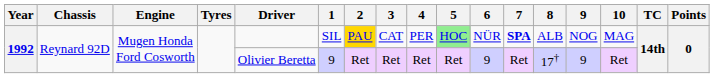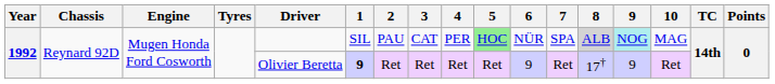 <table class="wikitable" style="text-align:center; font-size:85%">
 <tr>
 <th>Year</th>
 <th>Chassis</th>
 <th>Engine</th>
 <th>Tyres</th>
 <th>Driver</th>
 <th>1</th>
 <th>2</th>
 <th>3</th>
 <th>4</th>
 <th>5</th>
 <th>6</th>
 <th>7</th>
 <th>8</th>
 <th>9</th>
 <th>10</th>
 <th>TC</th>
 <th>Points</th>
 </tr>
 <tr>
 <th rowspan="2"><a href='#'>1992</a></th>
 <td rowspan="2"><a href='#'>Reynard 92D</a></td>
 <td rowspan="2"><a href='#'>Mugen Honda</a><br><a href='#'>Ford Cosworth</a></td>
 <td rowspan="2"></td>
 <td></td>
 <td><a href='#'>SIL</a></td>
-<td style="background: gold;"><a href='#'>PAU</a></td>
+<td><a href='#'>PAU</a></td>
 <td><a href='#'>CAT</a></td>
 <td><a href='#'>PER</a></td>
 <td style="background: lightgreen;"><a href='#'>HOC</a></td>
 <td><a href='#'>NÜR</a></td>
-<td><strong><a href='#'>SPA</a></strong></td>
-<td><a href='#'>ALB</a></td>
-<td><a href='#'>NOG</a></td>
+<td><a href='#'>SPA</a></td>
+<td style="background: lightgrey;"><a href='#'>ALB</a></td>
+<td style="background: paleturquoise;"><a href='#'>NOG</a></td>
 <td><a href='#'>MAG</a></td>
 <th rowspan="2">14th</th>
 <th rowspan="2">0</th>
 </tr>
 <tr>
 <td align="left"> <a href='#'>Olivier Beretta</a></td>
-<td style="background:#CFCFFF;">9</td>
+<td style="background:#CFCFFF;"><strong>9</strong></td>
 <td style="background:#EFCFFF;">Ret</td>
 <td style="background:#EFCFFF;">Ret</td>
 <td style="background:#EFCFFF;">Ret</td>
 <td style="background:#EFCFFF;">Ret</td>
 <td style="background:#CFCFFF;">9</td>
 <td style="background:#EFCFFF;">Ret</td>
 <td style="background:#CFCFFF;">17<sup>†</sup></td>
 <td style="background:#CFCFFF;">9</td>
 <td style="background:#EFCFFF;">Ret</td>
 </tr>
 </table>
